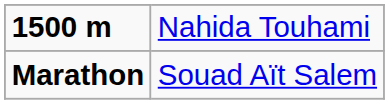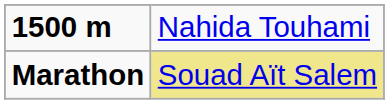 <table class="wikitable">
 <tr>
 <td><strong>1500 m</strong></td>
 <td><a href='#'>Nahida Touhami</a></td>
 </tr>
 <tr>
 <td><strong>Marathon</strong></td>
-<td><a href='#'>Souad Aït Salem</a></td>
+<td style="background: khaki;"><a href='#'>Souad Aït Salem</a></td>
 </tr>
 </table>
